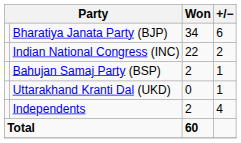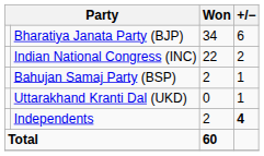 <table class="sortable wikitable">
 <tr>
 <th colspan="2">Party</th>
 <th>Won</th>
 <th><strong>+/−</strong></th>
 </tr>
 <tr>
 <td></td>
 <td><a href='#'>Bharatiya Janata Party</a> (BJP)</td>
 <td>34</td>
 <td> 6</td>
 </tr>
 <tr>
 <td></td>
 <td><a href='#'>Indian National Congress</a>  (INC)</td>
 <td>22</td>
 <td> 2</td>
 </tr>
 <tr>
 <td></td>
 <td><a href='#'>Bahujan Samaj Party</a> (BSP)</td>
 <td>2</td>
 <td> 1</td>
 </tr>
 <tr>
 <td></td>
 <td><a href='#'>Uttarakhand Kranti Dal</a> (UKD)</td>
 <td>0</td>
 <td> 1</td>
 </tr>
 <tr>
 <td></td>
 <td><a href='#'>Independents</a></td>
 <td>2</td>
-<td> 4</td>
+<td><strong> 4</strong></td>
 </tr>
 <tr>
 <td colspan="2"><strong>Total</strong></td>
 <td><strong>60</strong></td>
 <td></td>
 </tr>
 <tr>
 </tr>
 </table>
